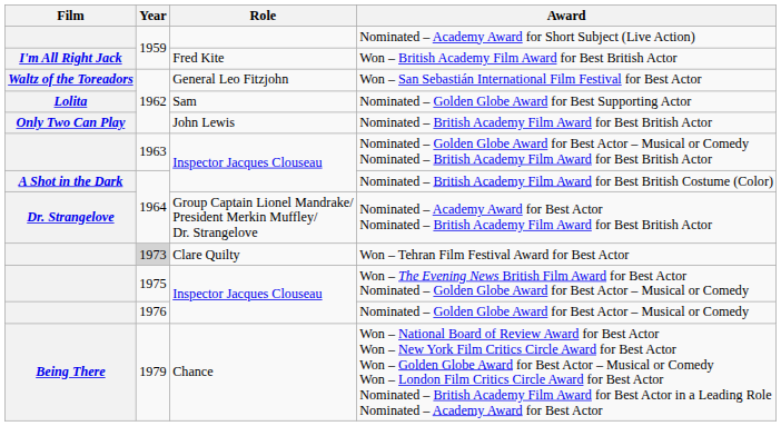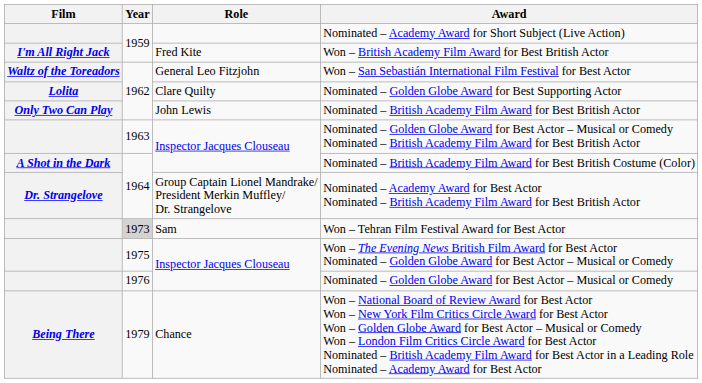 <table class="wikitable plainrowheaders sortable" style="margin-right: 0;">
 <tr>
 <th scope="col">Film</th>
 <th scope="col">Year</th>
 <th scope="col">Role</th>
 <th scope="col">Award</th>
 </tr>
 <tr>
 <th scope="row"></th>
 <td rowspan="2">1959</td>
 <td></td>
 <td>Nominated – <a href='#'>Academy Award</a> for Short Subject (Live Action)</td>
 </tr>
 <tr>
 <th scope="row"><em><a href='#'>I'm All Right Jack</a></em></th>
 <td>Fred Kite</td>
 <td>Won – <a href='#'>British Academy Film Award</a> for Best British Actor</td>
 </tr>
 <tr>
 <th scope="row"><em><a href='#'>Waltz of the Toreadors</a></em></th>
 <td rowspan="3">1962</td>
 <td>General Leo Fitzjohn</td>
 <td>Won – <a href='#'>San Sebastián International Film Festival</a> for Best Actor</td>
 </tr>
 <tr>
 <th scope="row"><em><a href='#'>Lolita</a></em></th>
-<td>Sam</td>
+<td>Clare Quilty</td>
 <td>Nominated – <a href='#'>Golden Globe Award</a> for Best Supporting Actor</td>
 </tr>
 <tr>
 <th scope="row"><em><a href='#'>Only Two Can Play</a></em></th>
 <td>John Lewis</td>
 <td>Nominated – <a href='#'>British Academy Film Award</a> for Best British Actor</td>
 </tr>
 <tr>
 <th scope="row"></th>
 <td>1963</td>
 <td rowspan="2"><a href='#'>Inspector Jacques Clouseau</a></td>
 <td>Nominated – <a href='#'>Golden Globe Award</a> for Best Actor – Musical or Comedy<br>Nominated – <a href='#'>British Academy Film Award</a> for Best British Actor</td>
 </tr>
 <tr>
 <th scope="row"><em><a href='#'>A Shot in the Dark</a></em></th>
 <td rowspan="2">1964</td>
 <td>Nominated – <a href='#'>British Academy Film Award</a> for Best British Costume (Color)</td>
 </tr>
 <tr>
 <th scope="row"><em><a href='#'>Dr. Strangelove</a></em></th>
 <td>Group Captain Lionel Mandrake/<br>President Merkin Muffley/<br>Dr. Strangelove</td>
 <td>Nominated – <a href='#'>Academy Award</a> for Best Actor<br>Nominated – <a href='#'>British Academy Film Award</a> for Best British Actor</td>
 </tr>
 <tr>
 <th scope="row"></th>
 <td style="background: lightgrey;">1973</td>
-<td>Clare Quilty</td>
+<td>Sam</td>
 <td>Won – Tehran Film Festival Award for Best Actor</td>
 </tr>
 <tr>
 <th scope="row"></th>
 <td>1975</td>
 <td rowspan="2"><a href='#'>Inspector Jacques Clouseau</a></td>
 <td>Won – <a href='#'><em>The Evening News</em> British Film Award</a> for Best Actor<br>Nominated – <a href='#'>Golden Globe Award</a> for Best Actor – Musical or Comedy</td>
 </tr>
 <tr Revenge of the Pink Panther>
 <th scope="row"></th>
 <td>1976</td>
 <td>Nominated – <a href='#'>Golden Globe Award</a> for Best Actor – Musical or Comedy</td>
 </tr>
 <tr>
 <th scope="row"><em><a href='#'>Being There</a></em></th>
 <td>1979</td>
 <td>Chance</td>
 <td>Won – <a href='#'>National Board of Review Award</a> for Best Actor<br>Won – <a href='#'>New York Film Critics Circle Award</a> for Best Actor<br>Won – <a href='#'>Golden Globe Award</a> for Best Actor – Musical or Comedy<br>Won – <a href='#'>London Film Critics Circle Award</a> for Best Actor<br>Nominated – <a href='#'>British Academy Film Award</a> for Best Actor in a Leading Role<br>Nominated – <a href='#'>Academy Award</a> for Best Actor</td>
 </tr>
 </table>
